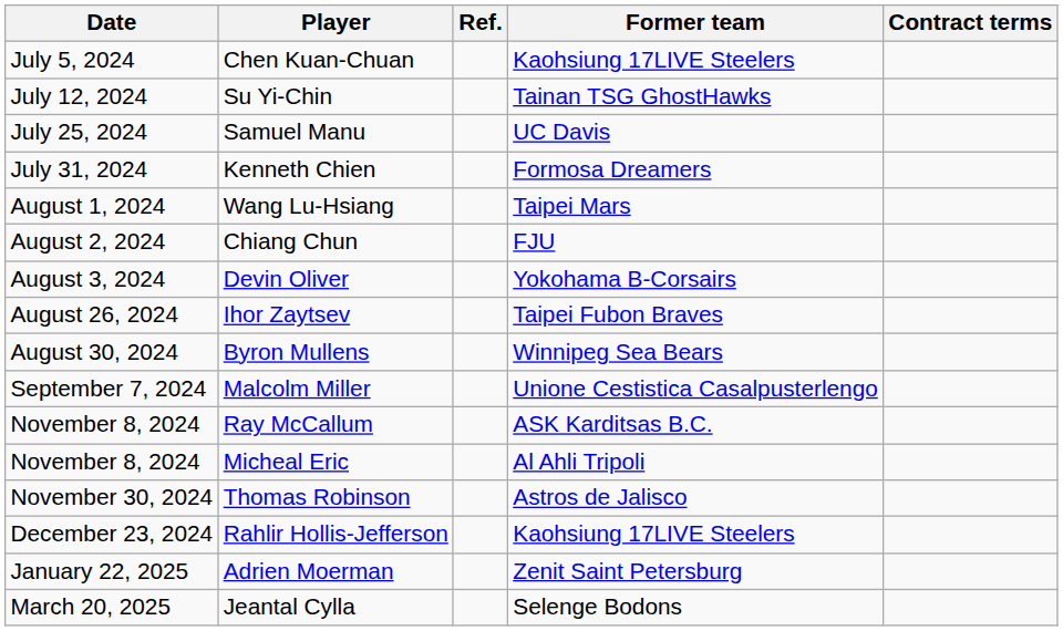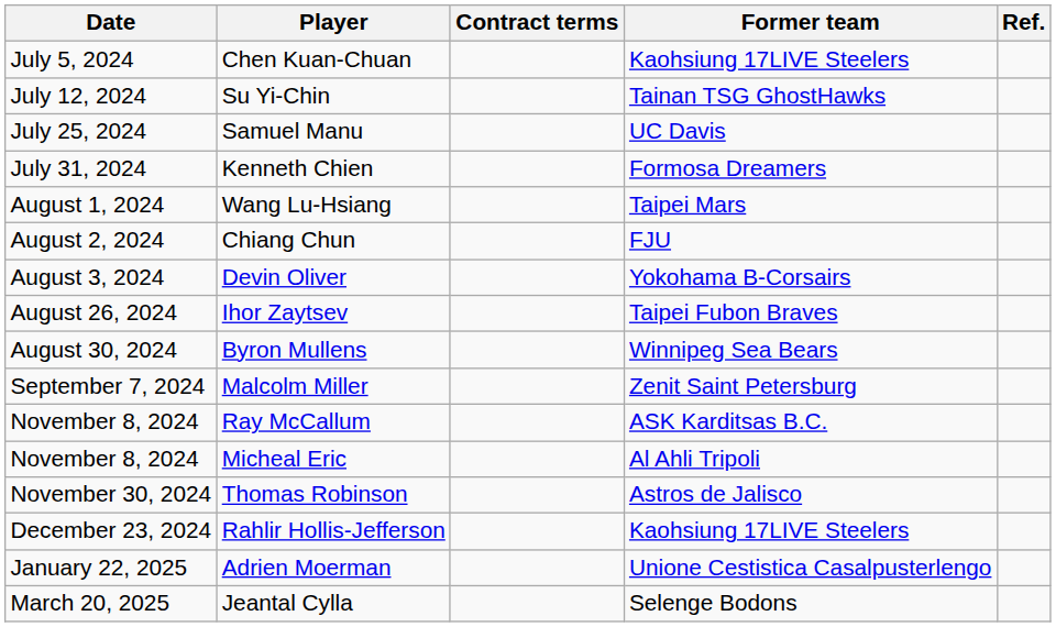 <table class="wikitable">
 <tr>
 <th>Date</th>
 <th>Player</th>
+<th>Contract terms</th>
+<th>Former team</th>
 <th>Ref.</th>
-<th>Former team</th>
-<th>Contract terms</th>
 </tr>
 <tr>
 <td>July 5, 2024</td>
 <td>Chen Kuan-Chuan</td>
 <td></td>
 <td> <a href='#'>Kaohsiung 17LIVE Steelers</a></td>
 <td></td>
 </tr>
 <tr>
 <td>July 12, 2024</td>
 <td>Su Yi-Chin</td>
 <td></td>
 <td> <a href='#'>Tainan TSG GhostHawks</a></td>
 <td></td>
 </tr>
 <tr>
 <td>July 25, 2024</td>
 <td>Samuel Manu</td>
 <td></td>
 <td> <a href='#'>UC Davis</a></td>
 <td></td>
 </tr>
 <tr>
 <td>July 31, 2024</td>
 <td>Kenneth Chien</td>
 <td></td>
 <td> <a href='#'>Formosa Dreamers</a></td>
 <td></td>
 </tr>
 <tr>
 <td>August 1, 2024</td>
 <td>Wang Lu-Hsiang</td>
 <td></td>
 <td> <a href='#'>Taipei Mars</a></td>
 <td></td>
 </tr>
 <tr>
 <td>August 2, 2024</td>
 <td>Chiang Chun</td>
 <td></td>
 <td> <a href='#'>FJU</a></td>
 <td></td>
 </tr>
 <tr>
 <td>August 3, 2024</td>
 <td><a href='#'>Devin Oliver</a></td>
 <td></td>
 <td> <a href='#'>Yokohama B-Corsairs</a></td>
 <td></td>
 </tr>
 <tr>
 <td>August 26, 2024</td>
 <td><a href='#'>Ihor Zaytsev</a></td>
 <td></td>
 <td> <a href='#'>Taipei Fubon Braves</a></td>
 <td></td>
 </tr>
 <tr>
 <td>August 30, 2024</td>
 <td><a href='#'>Byron Mullens</a></td>
 <td></td>
 <td> <a href='#'>Winnipeg Sea Bears</a></td>
 <td></td>
 </tr>
 <tr>
 <td>September 7, 2024</td>
 <td><a href='#'>Malcolm Miller</a></td>
 <td></td>
-<td> <a href='#'>Unione Cestistica Casalpusterlengo</a></td>
+<td> <a href='#'>Zenit Saint Petersburg</a></td>
 <td></td>
 </tr>
 <tr>
 <td>November 8, 2024</td>
 <td><a href='#'>Ray McCallum</a></td>
 <td></td>
 <td> <a href='#'>ASK Karditsas B.C.</a></td>
 <td></td>
 </tr>
 <tr>
 <td>November 8, 2024</td>
 <td><a href='#'>Micheal Eric</a></td>
 <td></td>
 <td> <a href='#'>Al Ahli Tripoli</a></td>
 <td></td>
 </tr>
 <tr>
 <td>November 30, 2024</td>
 <td><a href='#'>Thomas Robinson</a></td>
 <td></td>
 <td> <a href='#'>Astros de Jalisco</a></td>
 <td></td>
 </tr>
 <tr>
 <td>December 23, 2024</td>
 <td><a href='#'>Rahlir Hollis-Jefferson</a></td>
 <td></td>
 <td> <a href='#'>Kaohsiung 17LIVE Steelers</a></td>
 <td></td>
 </tr>
 <tr>
 <td>January 22, 2025</td>
 <td><a href='#'>Adrien Moerman</a></td>
 <td></td>
-<td> <a href='#'>Zenit Saint Petersburg</a></td>
+<td> <a href='#'>Unione Cestistica Casalpusterlengo</a></td>
 <td></td>
 </tr>
 <tr>
 <td>March 20, 2025</td>
 <td>Jeantal Cylla</td>
 <td></td>
 <td> Selenge Bodons</td>
 <td></td>
 </tr>
 </table>
